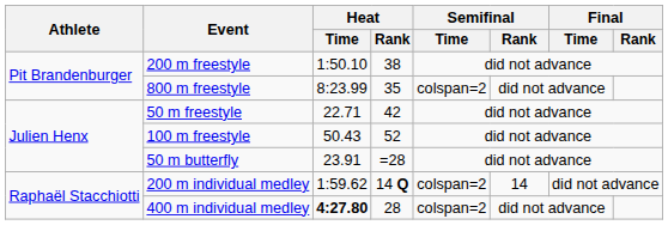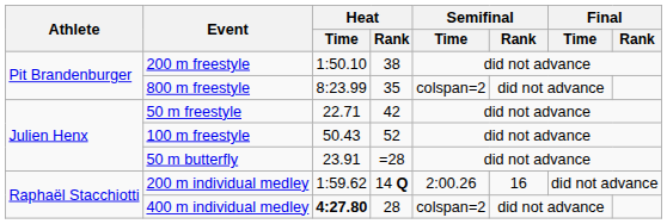 <table class="wikitable" style="text-align:center; font-size:90%">
 <tr>
 <th rowspan="2">Athlete</th>
 <th rowspan="2">Event</th>
 <th colspan="2">Heat</th>
 <th colspan="2">Semifinal</th>
 <th colspan="2">Final</th>
 </tr>
 <tr style="font-size:95%">
 <th>Time</th>
 <th>Rank</th>
 <th>Time</th>
 <th>Rank</th>
 <th>Time</th>
 <th>Rank</th>
 </tr>
 <tr>
 <td align=left rowspan=2><a href='#'>Pit Brandenburger</a></td>
 <td align=left><a href='#'>200 m freestyle</a></td>
 <td>1:50.10</td>
 <td>38</td>
 <td colspan=4>did not advance</td>
 </tr>
 <tr>
 <td align=left><a href='#'>800 m freestyle</a></td>
 <td>8:23.99</td>
 <td>35</td>
 <td>colspan=2 </td>
 <td colspan=2>did not advance</td>
 </tr>
 <tr>
 <td align=left rowspan=3><a href='#'>Julien Henx</a></td>
 <td align=left><a href='#'>50 m freestyle</a></td>
 <td>22.71</td>
 <td>42</td>
 <td colspan=4>did not advance</td>
 </tr>
 <tr>
 <td align=left><a href='#'>100 m freestyle</a></td>
 <td>50.43</td>
 <td>52</td>
 <td colspan=4>did not advance</td>
 </tr>
 <tr>
 <td align=left><a href='#'>50 m butterfly</a></td>
 <td>23.91</td>
 <td>=28</td>
 <td colspan=4>did not advance</td>
 </tr>
 <tr>
 <td align=left rowspan=2><a href='#'>Raphaël Stacchiotti</a></td>
 <td align=left><a href='#'>200 m individual medley</a></td>
 <td>1:59.62</td>
 <td>14 <strong>Q</strong></td>
-<td>colspan=2 </td>
-<td>14</td>
+<td>2:00.26</td>
+<td>16</td>
 <td colspan=2>did not advance</td>
 </tr>
 <tr>
 <td align=left><a href='#'>400 m individual medley</a></td>
 <td><strong>4:27.80</strong></td>
 <td>28</td>
 <td>colspan=2 </td>
 <td colspan=2>did not advance</td>
 </tr>
 </table>
